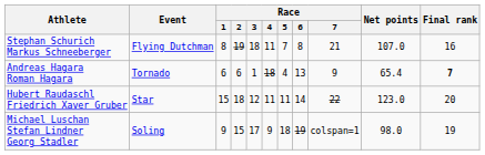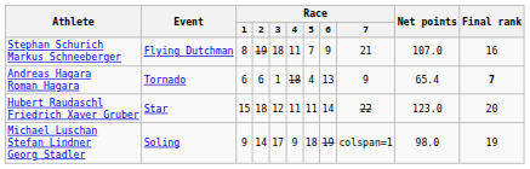 <table class="wikitable" style="font-size:90%">
 <tr>
 <th rowspan="2">Athlete</th>
 <th rowspan="2">Event</th>
 <th colspan=7>Race</th>
 <th rowspan=2>Net points</th>
 <th rowspan=2>Final rank</th>
 </tr>
 <tr style="font-size:95%">
 <th>1</th>
 <th>2</th>
 <th>3</th>
 <th>4</th>
 <th>5</th>
 <th>6</th>
 <th>7</th>
 </tr>
 <tr align=center>
 <td align=left><a href='#'>Stephan Schurich</a><br><a href='#'>Markus Schneeberger</a></td>
 <td align=left><a href='#'>Flying Dutchman</a></td>
 <td>8</td>
 <td><s>19</s></td>
 <td>18</td>
 <td>11</td>
 <td>7</td>
-<td>8</td>
+<td>9</td>
 <td>21</td>
 <td>107.0</td>
 <td>16</td>
 </tr>
 <tr align=center>
 <td align=left><a href='#'>Andreas Hagara</a><br><a href='#'>Roman Hagara</a></td>
 <td align=left><a href='#'>Tornado</a></td>
 <td>6</td>
 <td>6</td>
 <td>1</td>
 <td><s>18</s></td>
 <td>4</td>
 <td>13</td>
 <td>9</td>
 <td>65.4</td>
 <td><strong>7</strong></td>
 </tr>
 <tr align=center>
 <td align=left><a href='#'>Hubert Raudaschl</a><br><a href='#'>Friedrich Xaver Gruber</a></td>
 <td align=left><a href='#'>Star</a></td>
 <td>15</td>
 <td>18</td>
 <td>12</td>
 <td>11</td>
 <td>11</td>
 <td>14</td>
 <td><s>22</s></td>
 <td>123.0</td>
 <td>20</td>
 </tr>
 <tr align=center>
 <td align=left><a href='#'>Michael Luschan</a><br><a href='#'>Stefan Lindner</a><br><a href='#'>Georg Stadler</a></td>
 <td align=left><a href='#'>Soling</a></td>
 <td>9</td>
-<td>15</td>
+<td>14</td>
 <td>17</td>
 <td>9</td>
 <td>18</td>
 <td><s>19</s></td>
 <td>colspan=1 </td>
 <td>98.0</td>
 <td>19</td>
 </tr>
 </table>
